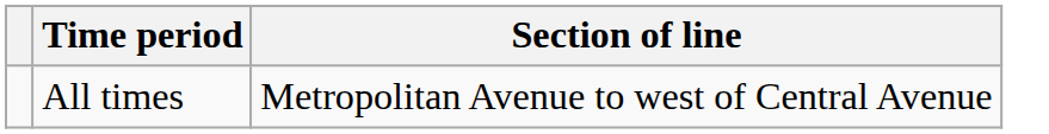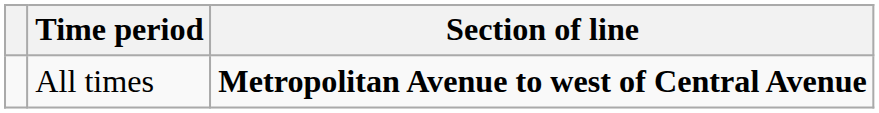 <table class="wikitable">
 <tr>
 <th> </th>
 <th>Time period</th>
 <th>Section of line</th>
 </tr>
 <tr>
 <td align=center></td>
 <td>All times</td>
-<td>Metropolitan Avenue to west of Central Avenue</td>
+<td><strong>Metropolitan Avenue to west of Central Avenue</strong></td>
 </tr>
 </table>
